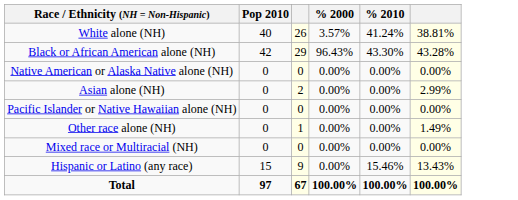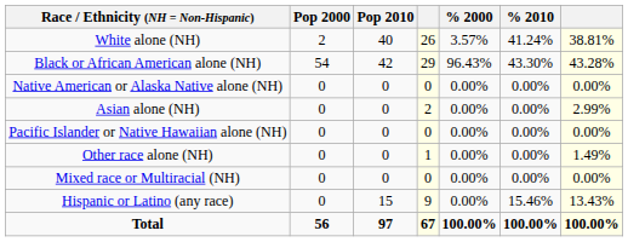 <table class="wikitable"style="text-align:center;">
 <tr>
 <th>Race / Ethnicity <small>(<em>NH = Non-Hispanic</em>)</small></th>
+<th>Pop 2000</th>
 <th>Pop 2010</th>
 <th></th>
 <th>% 2000</th>
 <th>% 2010</th>
 <th></th>
 </tr>
 <tr>
 <td><a href='#'>White</a> alone (NH)</td>
+<td>2</td>
 <td>40</td>
 <td style='background: #ffffe6;'>26</td>
 <td>3.57%</td>
 <td>41.24%</td>
 <td style='background: #ffffe6;'>38.81%</td>
 </tr>
 <tr>
 <td><a href='#'>Black or African American</a> alone (NH)</td>
+<td>54</td>
 <td>42</td>
 <td style='background: #ffffe6;'>29</td>
 <td>96.43%</td>
 <td>43.30%</td>
 <td style='background: #ffffe6;'>43.28%</td>
 </tr>
 <tr>
 <td><a href='#'>Native American</a> or <a href='#'>Alaska Native</a> alone (NH)</td>
 <td>0</td>
+<td>0</td>
 <td style='background: #ffffe6;'>0</td>
 <td>0.00%</td>
 <td>0.00%</td>
 <td style='background: #ffffe6;'>0.00%</td>
 </tr>
 <tr>
 <td><a href='#'>Asian</a> alone (NH)</td>
+<td>0</td>
 <td>0</td>
 <td style='background: #ffffe6;'>2</td>
 <td>0.00%</td>
 <td>0.00%</td>
 <td style='background: #ffffe6;'>2.99%</td>
 </tr>
 <tr>
 <td><a href='#'>Pacific Islander</a> or <a href='#'>Native Hawaiian</a> alone (NH)</td>
 <td>0</td>
+<td>0</td>
 <td style='background: #ffffe6;'>0</td>
 <td>0.00%</td>
 <td>0.00%</td>
 <td style='background: #ffffe6;'>0.00%</td>
 </tr>
 <tr>
 <td><a href='#'>Other race</a> alone (NH)</td>
+<td>0</td>
 <td>0</td>
 <td style='background: #ffffe6;'>1</td>
 <td>0.00%</td>
 <td>0.00%</td>
 <td style='background: #ffffe6;'>1.49%</td>
 </tr>
 <tr>
 <td><a href='#'>Mixed race or Multiracial</a> (NH)</td>
 <td>0</td>
+<td>0</td>
 <td style='background: #ffffe6;'>0</td>
 <td>0.00%</td>
 <td>0.00%</td>
 <td style='background: #ffffe6;'>0.00%</td>
 </tr>
 <tr>
 <td><a href='#'>Hispanic or Latino</a> (any race)</td>
+<td>0</td>
 <td>15</td>
 <td style='background: #ffffe6;'>9</td>
 <td>0.00%</td>
 <td>15.46%</td>
 <td style='background: #ffffe6;'>13.43%</td>
 </tr>
 <tr>
 <td><strong>Total</strong></td>
+<td><strong>56</strong></td>
 <td><strong>97</strong></td>
 <td style='background: #ffffe6;'><strong>67</strong></td>
 <td><strong>100.00%</strong></td>
 <td><strong>100.00%</strong></td>
 <td style='background: #ffffe6;'><strong>100.00%</strong></td>
 </tr>
 </table>
